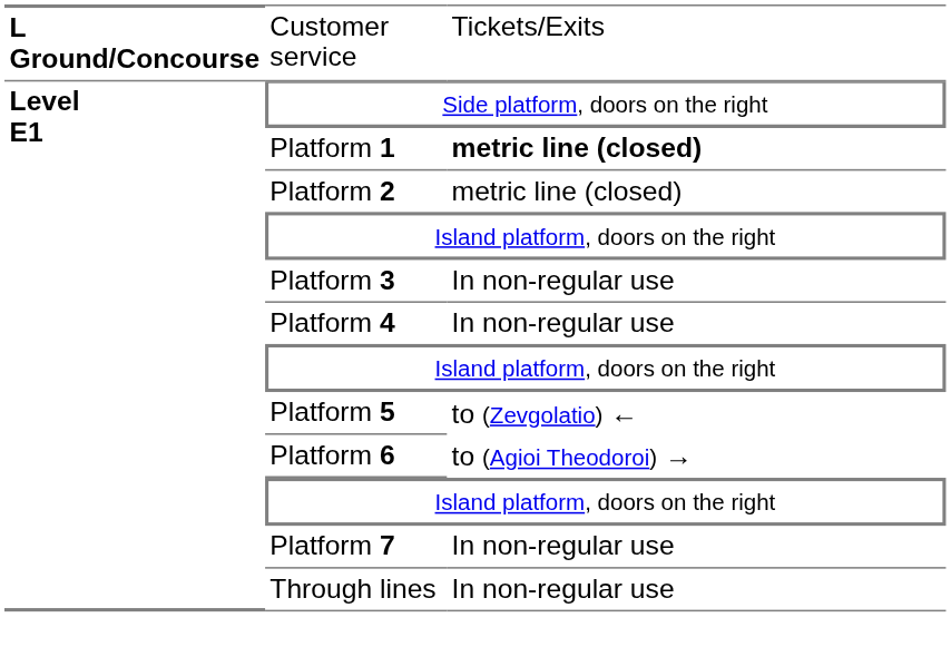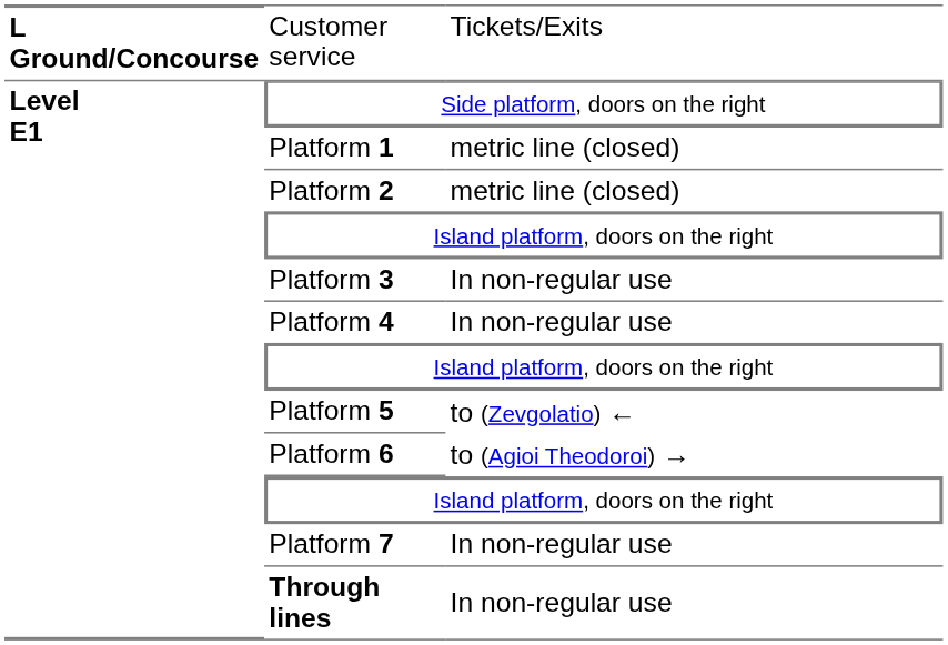 <table border=0 cellspacing=0 cellpadding=3>
 <tr>
 <td style="border-bottom:solid 1px gray;border-top:solid 2px gray;" width=50 valign=top><strong>L<br>Ground/Concourse</strong></td>
 <td style="border-top:solid 1px gray;border-bottom:solid 1px gray;" width=100 valign=top>Customer service</td>
 <td style="border-top:solid 1px gray;border-bottom:solid 1px gray;" width=285 valign=top>Tickets/Exits</td>
 </tr>
 <tr>
 <td style="border-bottom:solid 2px gray;" rowspan=12 valign=top><strong>Level<br>Ε1</strong></td>
 <td style="border-top:solid 1px gray;border-right:solid 2px gray;border-left:solid 2px gray;border-bottom:solid 2px gray;text-align:center;" colspan=2><small><a href='#'>Side platform</a>, doors on the right</small></td>
 </tr>
 <tr>
 <td style="border-bottom:solid 1px gray;">Platform <strong>1</strong></td>
-<td style="border-bottom:solid 1px gray;"><strong>metric line (closed)</strong></td>
+<td style="border-bottom:solid 1px gray;">metric line (closed)</td>
 </tr>
 <tr>
 <td>Platform <strong>2</strong></td>
 <td>metric line (closed)</td>
 </tr>
 <tr>
 <td style="border-top:solid 2px gray;border-right:solid 2px gray;border-left:solid 2px gray;border-bottom:solid 2px gray;text-align:center;" colspan=2><small><a href='#'>Island platform</a>, doors on the right</small></td>
 </tr>
 <tr>
 <td style="border-bottom:solid 1px gray;">Platform <strong>3</strong></td>
 <td style="border-bottom:solid 1px gray;">In non-regular use</td>
 </tr>
 <tr>
 <td>Platform <strong>4</strong></td>
 <td>In non-regular use</td>
 </tr>
 <tr>
 <td style="border-top:solid 2px gray;border-right:solid 2px gray;border-left:solid 2px gray;border-bottom:solid 2px gray;text-align:center;" colspan=2><small><a href='#'>Island platform</a>, doors on the right</small></td>
 </tr>
 <tr>
 <td style="border-bottom:solid 1px gray;">Platform <strong>5</strong></td>
 <td> to  <small>(<a href='#'>Zevgolatio</a>)</small> ←</td>
 </tr>
 <tr>
 <td style="border-bottom:solid 1px gray;">Platform <strong>6</strong></td>
 <td> to  <small>(<a href='#'>Agioi Theodoroi</a>)</small> →</td>
 </tr>
 <tr>
 <td style="border-top:solid 2px gray;border-right:solid 2px gray;border-left:solid 2px gray;border-bottom:solid 2px gray;text-align:center;" colspan=2><small><a href='#'>Island platform</a>, doors on the right</small></td>
 </tr>
 <tr>
 <td style="border-bottom:solid 1px gray;">Platform <strong>7</strong></td>
 <td style="border-bottom:solid 1px gray;">In non-regular use</td>
 </tr>
 <tr>
-<td style="border-bottom:solid 1px gray;">Through lines</td>
+<td style="border-bottom:solid 1px gray;"><strong>Through lines</strong></td>
 <td style="border-bottom:solid 1px gray;">In non-regular use</td>
 </tr>
 </table>
